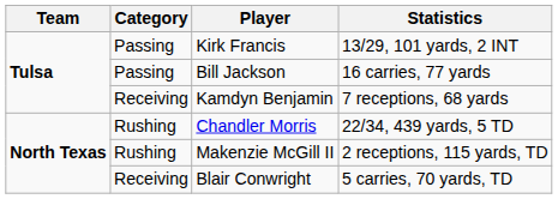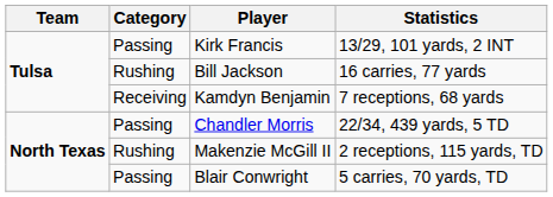 <table class="wikitable" style="float: right;">
 <tr>
 <th>Team</th>
 <th>Category</th>
 <th>Player</th>
 <th>Statistics</th>
 </tr>
 <tr>
 <td rowspan=3><strong>Tulsa</strong></td>
 <td>Passing</td>
 <td>Kirk Francis</td>
 <td>13/29, 101 yards, 2 INT</td>
 </tr>
 <tr>
-<td>Passing</td>
+<td>Rushing</td>
 <td>Bill Jackson</td>
 <td>16 carries, 77 yards</td>
 </tr>
 <tr>
 <td>Receiving</td>
 <td>Kamdyn Benjamin</td>
 <td>7 receptions, 68 yards</td>
 </tr>
 <tr>
 <td rowspan=3><strong>North Texas</strong></td>
-<td>Rushing</td>
+<td>Passing</td>
 <td><a href='#'>Chandler Morris</a></td>
 <td>22/34, 439 yards, 5 TD</td>
 </tr>
 <tr>
 <td>Rushing</td>
 <td>Makenzie McGill II</td>
 <td>2 receptions, 115 yards, TD</td>
 </tr>
 <tr>
-<td>Receiving</td>
+<td>Passing</td>
 <td>Blair Conwright</td>
 <td>5 carries, 70 yards, TD</td>
 </tr>
 </table>
